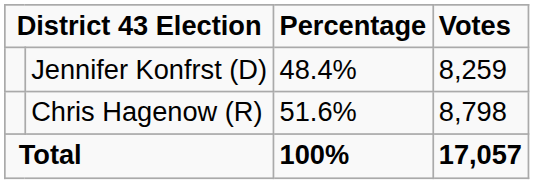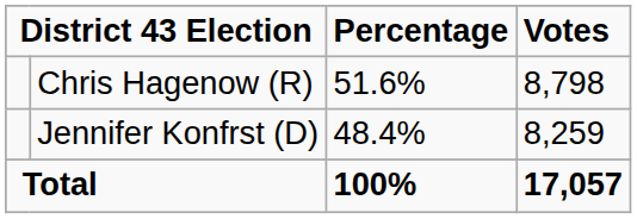 <table class="wikitable">
 <tr>
 <td colspan="2" rowspan="1" align="center" valign="top"><strong>District 43 Election</strong></td>
 <td style="vertical-align:top;"><strong>Percentage</strong></td>
 <td style="vertical-align:top;"><strong>Votes</strong></td>
 </tr>
 <tr>
 <td style="background-color:"> </td>
+<td>Chris Hagenow (R)</td>
+<td>51.6%</td>
+<td>8,798</td>
+</tr>
+<tr>
+<td style="background-color:"> </td>
 <td>Jennifer Konfrst (D)</td>
 <td>48.4%</td>
 <td>8,259</td>
-</tr>
-<tr>
-<td style="background-color:"> </td>
-<td>Chris Hagenow (R)</td>
-<td>51.6%</td>
-<td>8,798</td>
 </tr>
 <tr>
 <td colspan="2" rowspan="1"> <strong>Total</strong></td>
 <td><strong>100%</strong></td>
 <td><strong>17,057</strong></td>
 </tr>
 </table>
